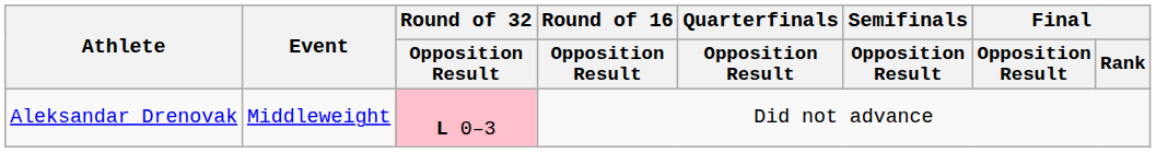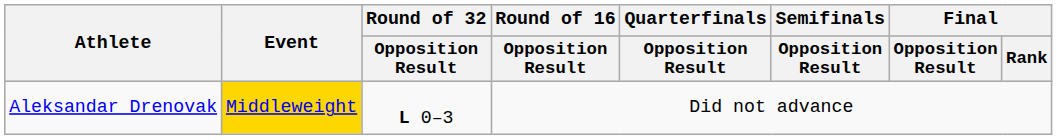 <table class="wikitable" style="font-size:90%">
 <tr>
 <th rowspan="2">Athlete</th>
 <th rowspan="2">Event</th>
 <th>Round of 32</th>
 <th>Round of 16</th>
 <th>Quarterfinals</th>
 <th>Semifinals</th>
 <th colspan=2>Final</th>
 </tr>
 <tr style="font-size:95%">
 <th>Opposition<br>Result</th>
 <th>Opposition<br>Result</th>
 <th>Opposition<br>Result</th>
 <th>Opposition<br>Result</th>
 <th>Opposition<br>Result</th>
 <th>Rank</th>
 </tr>
 <tr align=center>
 <td align=left><a href='#'>Aleksandar Drenovak</a></td>
-<td align=left><a href='#'>Middleweight</a></td>
-<td style="background: pink;"><br><strong>L</strong> 0–3</td>
+<td align=left style="background: gold;"><a href='#'>Middleweight</a></td>
+<td><br><strong>L</strong> 0–3</td>
 <td colspan=5 align=center>Did not advance</td>
 </tr>
 </table>
